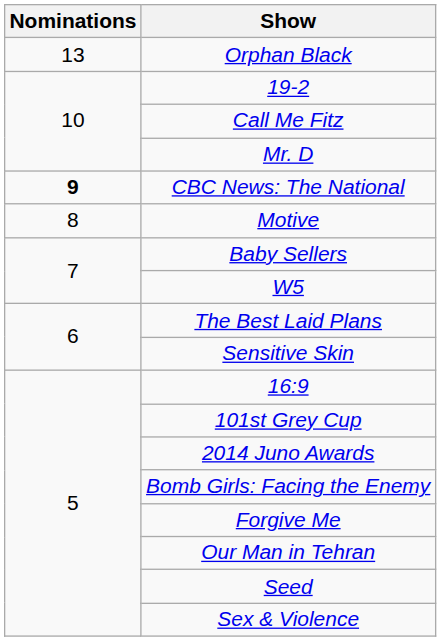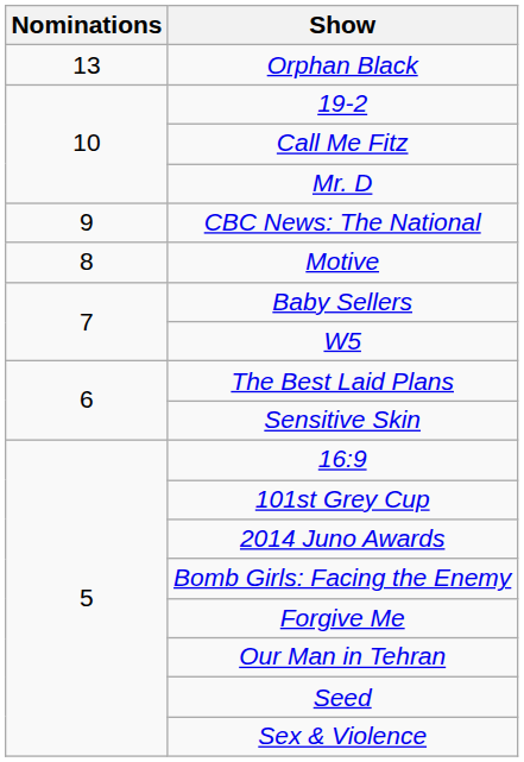 <table class="wikitable" rowspan="2" style="text-align:center;">
 <tr>
 <th scope="col">Nominations</th>
 <th scope="col">Show</th>
 </tr>
 <tr>
 <td>13</td>
 <td><em><a href='#'>Orphan Black</a></em></td>
 </tr>
 <tr>
 <td rowspan=3 style="text-align:center;">10</td>
 <td><em><a href='#'>19-2</a></em></td>
 </tr>
 <tr>
 <td><em><a href='#'>Call Me Fitz</a></em></td>
 </tr>
 <tr>
 <td><em><a href='#'>Mr. D</a></em></td>
 </tr>
 <tr>
-<td><strong>9</strong></td>
+<td>9</td>
 <td><em><a href='#'>CBC News: The National</a></em></td>
 </tr>
 <tr>
 <td>8</td>
 <td><em><a href='#'>Motive</a></em></td>
 </tr>
 <tr>
 <td rowspan=2 style="text-align:center;">7</td>
 <td><em><a href='#'>Baby Sellers</a></em></td>
 </tr>
 <tr>
 <td><em><a href='#'>W5</a></em></td>
 </tr>
 <tr>
 <td rowspan=2 style="text-align:center;">6</td>
 <td><em><a href='#'>The Best Laid Plans</a></em></td>
 </tr>
 <tr>
 <td><em><a href='#'>Sensitive Skin</a></em></td>
 </tr>
 <tr>
 <td rowspan=8 style="text-align:center;">5</td>
 <td><em><a href='#'>16:9</a></em></td>
 </tr>
 <tr>
 <td><em><a href='#'>101st Grey Cup</a></em></td>
 </tr>
 <tr>
 <td><em><a href='#'>2014 Juno Awards</a></em></td>
 </tr>
 <tr>
 <td><em><a href='#'>Bomb Girls: Facing the Enemy</a></em></td>
 </tr>
 <tr>
 <td><em><a href='#'>Forgive Me</a></em></td>
 </tr>
 <tr>
 <td><em><a href='#'>Our Man in Tehran</a></em></td>
 </tr>
 <tr>
 <td><em><a href='#'>Seed</a></em></td>
 </tr>
 <tr>
 <td><em><a href='#'>Sex & Violence</a></em></td>
 </tr>
 </table>
